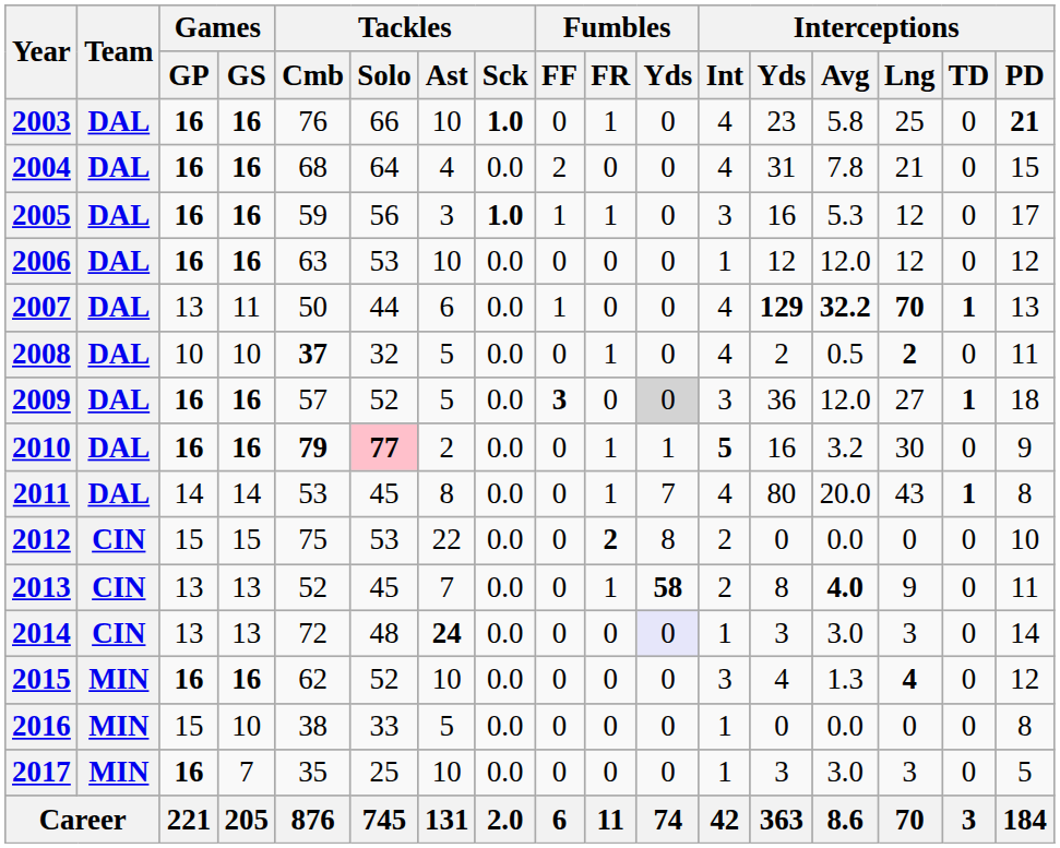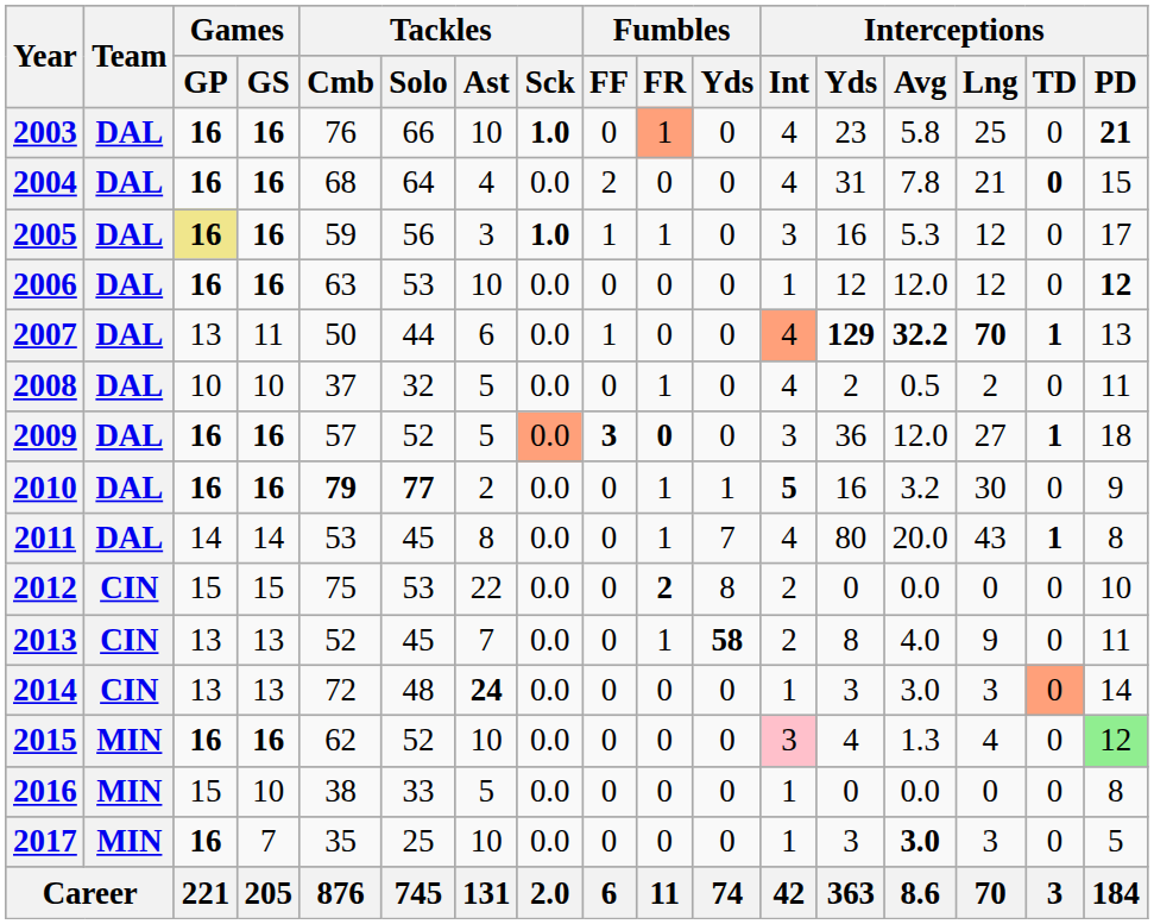 <table class= "wikitable" style="text-align:center;">
 <tr>
 <th rowspan="2">Year</th>
 <th rowspan="2">Team</th>
 <th colspan="2">Games</th>
 <th colspan="4">Tackles</th>
 <th colspan="3">Fumbles</th>
 <th colspan="6">Interceptions</th>
 </tr>
 <tr>
 <th>GP</th>
 <th>GS</th>
 <th>Cmb</th>
 <th>Solo</th>
 <th>Ast</th>
 <th>Sck</th>
 <th>FF</th>
 <th>FR</th>
 <th>Yds</th>
 <th>Int</th>
 <th>Yds</th>
 <th>Avg</th>
 <th>Lng</th>
 <th>TD</th>
 <th>PD</th>
 </tr>
 <tr>
 <th><a href='#'>2003</a></th>
 <th><a href='#'>DAL</a></th>
 <td><strong>16</strong></td>
 <td><strong>16</strong></td>
 <td>76</td>
 <td>66</td>
 <td>10</td>
 <td><strong>1.0</strong></td>
 <td>0</td>
-<td>1</td>
+<td style="background: lightsalmon;">1</td>
 <td>0</td>
 <td>4</td>
 <td>23</td>
 <td>5.8</td>
 <td>25</td>
 <td>0</td>
 <td><strong>21</strong></td>
 </tr>
 <tr>
 <th><a href='#'>2004</a></th>
 <th><a href='#'>DAL</a></th>
 <td><strong>16</strong></td>
 <td><strong>16</strong></td>
 <td>68</td>
 <td>64</td>
 <td>4</td>
 <td>0.0</td>
 <td>2</td>
 <td>0</td>
 <td>0</td>
 <td>4</td>
 <td>31</td>
 <td>7.8</td>
 <td>21</td>
-<td>0</td>
+<td><strong>0</strong></td>
 <td>15</td>
 </tr>
 <tr>
 <th><a href='#'>2005</a></th>
 <th><a href='#'>DAL</a></th>
-<td><strong>16</strong></td>
+<td style="background: khaki;"><strong>16</strong></td>
 <td><strong>16</strong></td>
 <td>59</td>
 <td>56</td>
 <td>3</td>
 <td><strong>1.0</strong></td>
 <td>1</td>
 <td>1</td>
 <td>0</td>
 <td>3</td>
 <td>16</td>
 <td>5.3</td>
 <td>12</td>
 <td>0</td>
 <td>17</td>
 </tr>
 <tr>
 <th><a href='#'>2006</a></th>
 <th><a href='#'>DAL</a></th>
 <td><strong>16</strong></td>
 <td><strong>16</strong></td>
 <td>63</td>
 <td>53</td>
 <td>10</td>
 <td>0.0</td>
 <td>0</td>
 <td>0</td>
 <td>0</td>
 <td>1</td>
 <td>12</td>
 <td>12.0</td>
 <td>12</td>
 <td>0</td>
-<td>12</td>
+<td><strong>12</strong></td>
 </tr>
 <tr>
 <th><a href='#'>2007</a></th>
 <th><a href='#'>DAL</a></th>
 <td>13</td>
 <td>11</td>
 <td>50</td>
 <td>44</td>
 <td>6</td>
 <td>0.0</td>
 <td>1</td>
 <td>0</td>
 <td>0</td>
-<td>4</td>
+<td style="background: lightsalmon;">4</td>
 <td><strong>129</strong></td>
 <td><strong>32.2</strong></td>
 <td><strong>70</strong></td>
 <td><strong>1</strong></td>
 <td>13</td>
 </tr>
 <tr>
 <th><a href='#'>2008</a></th>
 <th><a href='#'>DAL</a></th>
 <td>10</td>
 <td>10</td>
-<td><strong>37</strong></td>
+<td>37</td>
 <td>32</td>
 <td>5</td>
 <td>0.0</td>
 <td>0</td>
 <td>1</td>
 <td>0</td>
 <td>4</td>
 <td>2</td>
 <td>0.5</td>
-<td><strong>2</strong></td>
+<td>2</td>
 <td>0</td>
 <td>11</td>
 </tr>
 <tr>
 <th><a href='#'>2009</a></th>
 <th><a href='#'>DAL</a></th>
 <td><strong>16</strong></td>
 <td><strong>16</strong></td>
 <td>57</td>
 <td>52</td>
 <td>5</td>
-<td>0.0</td>
+<td style="background: lightsalmon;">0.0</td>
 <td><strong>3</strong></td>
+<td><strong>0</strong></td>
 <td>0</td>
-<td style="background: lightgrey;">0</td>
 <td>3</td>
 <td>36</td>
 <td>12.0</td>
 <td>27</td>
 <td><strong>1</strong></td>
 <td>18</td>
 </tr>
 <tr>
 <th><a href='#'>2010</a></th>
 <th><a href='#'>DAL</a></th>
 <td><strong>16</strong></td>
 <td><strong>16</strong></td>
 <td><strong>79</strong></td>
-<td style="background: pink;"><strong>77</strong></td>
+<td><strong>77</strong></td>
 <td>2</td>
 <td>0.0</td>
 <td>0</td>
 <td>1</td>
 <td>1</td>
 <td><strong>5</strong></td>
 <td>16</td>
 <td>3.2</td>
 <td>30</td>
 <td>0</td>
 <td>9</td>
 </tr>
 <tr>
 <th><a href='#'>2011</a></th>
 <th><a href='#'>DAL</a></th>
 <td>14</td>
 <td>14</td>
 <td>53</td>
 <td>45</td>
 <td>8</td>
 <td>0.0</td>
 <td>0</td>
 <td>1</td>
 <td>7</td>
 <td>4</td>
 <td>80</td>
 <td>20.0</td>
 <td>43</td>
 <td><strong>1</strong></td>
 <td>8</td>
 </tr>
 <tr>
 <th><a href='#'>2012</a></th>
 <th><a href='#'>CIN</a></th>
 <td>15</td>
 <td>15</td>
 <td>75</td>
 <td>53</td>
 <td>22</td>
 <td>0.0</td>
 <td>0</td>
 <td><strong>2</strong></td>
 <td>8</td>
 <td>2</td>
 <td>0</td>
 <td>0.0</td>
 <td>0</td>
 <td>0</td>
 <td>10</td>
 </tr>
 <tr>
 <th><a href='#'>2013</a></th>
 <th><a href='#'>CIN</a></th>
 <td>13</td>
 <td>13</td>
 <td>52</td>
 <td>45</td>
 <td>7</td>
 <td>0.0</td>
 <td>0</td>
 <td>1</td>
 <td><strong>58</strong></td>
 <td>2</td>
 <td>8</td>
-<td><strong>4.0</strong></td>
+<td>4.0</td>
 <td>9</td>
 <td>0</td>
 <td>11</td>
 </tr>
 <tr>
 <th><a href='#'>2014</a></th>
 <th><a href='#'>CIN</a></th>
 <td>13</td>
 <td>13</td>
 <td>72</td>
 <td>48</td>
 <td><strong>24</strong></td>
 <td>0.0</td>
 <td>0</td>
 <td>0</td>
-<td style="background: lavender;">0</td>
+<td>0</td>
 <td>1</td>
 <td>3</td>
 <td>3.0</td>
 <td>3</td>
-<td>0</td>
+<td style="background: lightsalmon;">0</td>
 <td>14</td>
 </tr>
 <tr>
 <th><a href='#'>2015</a></th>
 <th><a href='#'>MIN</a></th>
 <td><strong>16</strong></td>
 <td><strong>16</strong></td>
 <td>62</td>
 <td>52</td>
 <td>10</td>
 <td>0.0</td>
 <td>0</td>
 <td>0</td>
 <td>0</td>
-<td>3</td>
+<td style="background: pink;">3</td>
 <td>4</td>
 <td>1.3</td>
-<td><strong>4</strong></td>
+<td>4</td>
 <td>0</td>
-<td>12</td>
+<td style="background: lightgreen;">12</td>
 </tr>
 <tr>
 <th><a href='#'>2016</a></th>
 <th><a href='#'>MIN</a></th>
 <td>15</td>
 <td>10</td>
 <td>38</td>
 <td>33</td>
 <td>5</td>
 <td>0.0</td>
 <td>0</td>
 <td>0</td>
 <td>0</td>
 <td>1</td>
 <td>0</td>
 <td>0.0</td>
 <td>0</td>
 <td>0</td>
 <td>8</td>
 </tr>
 <tr>
 <th><a href='#'>2017</a></th>
 <th><a href='#'>MIN</a></th>
 <td><strong>16</strong></td>
 <td>7</td>
 <td>35</td>
 <td>25</td>
 <td>10</td>
 <td>0.0</td>
 <td>0</td>
 <td>0</td>
 <td>0</td>
 <td>1</td>
 <td>3</td>
-<td>3.0</td>
+<td><strong>3.0</strong></td>
 <td>3</td>
 <td>0</td>
 <td>5</td>
 </tr>
 <tr>
 <th colspan="2">Career</th>
 <th>221</th>
 <th>205</th>
 <th>876</th>
 <th>745</th>
 <th>131</th>
 <th>2.0</th>
 <th>6</th>
 <th>11</th>
 <th>74</th>
 <th>42</th>
 <th>363</th>
 <th>8.6</th>
 <th>70</th>
 <th>3</th>
 <th>184</th>
 </tr>
 </table>
